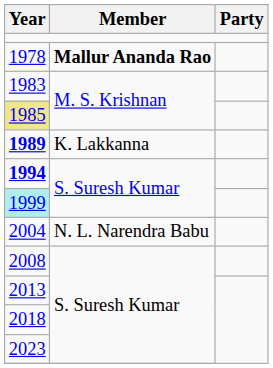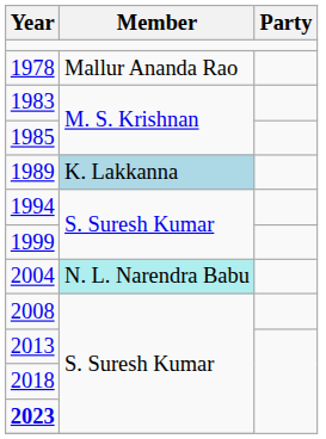 <table class="wikitable sortable">
 <tr>
 <th>Year</th>
 <th>Member</th>
 <th colspan="2">Party</th>
 </tr>
 <tr>
 <td colspan=4></td>
 </tr>
 <tr>
 <td><a href='#'>1978</a></td>
-<td><strong>Mallur Ananda Rao</strong></td>
+<td>Mallur Ananda Rao</td>
 <td></td>
 </tr>
 <tr>
 <td><a href='#'>1983</a></td>
 <td rowspan="2"><a href='#'>M. S. Krishnan</a></td>
 <td></td>
 </tr>
 <tr>
-<td style="background: khaki;"><a href='#'>1985</a></td>
+<td><a href='#'>1985</a></td>
 </tr>
 <tr>
-<td><strong><a href='#'>1989</a></strong></td>
-<td>K. Lakkanna</td>
+<td><a href='#'>1989</a></td>
+<td style="background: lightblue;">K. Lakkanna</td>
 <td></td>
 </tr>
 <tr>
-<td><strong><a href='#'>1994</a></strong></td>
+<td><a href='#'>1994</a></td>
 <td rowspan="2"><a href='#'>S. Suresh Kumar</a></td>
 <td></td>
 </tr>
 <tr>
-<td style="background: paleturquoise;"><a href='#'>1999</a></td>
+<td><a href='#'>1999</a></td>
 </tr>
 <tr>
 <td><a href='#'>2004</a></td>
-<td>N. L. Narendra Babu</td>
+<td style="background: paleturquoise;">N. L. Narendra Babu</td>
 <td></td>
 </tr>
 <tr>
 <td><a href='#'>2008</a></td>
 <td rowspan="4">S. Suresh Kumar</td>
 <td></td>
 </tr>
 <tr>
 <td><a href='#'>2013</a></td>
 </tr>
 <tr>
 <td><a href='#'>2018</a></td>
 </tr>
 <tr>
-<td><a href='#'>2023</a></td>
+<td><strong><a href='#'>2023</a></strong></td>
 </tr>
 <tr>
 </tr>
 </table>
